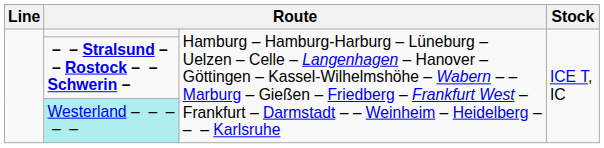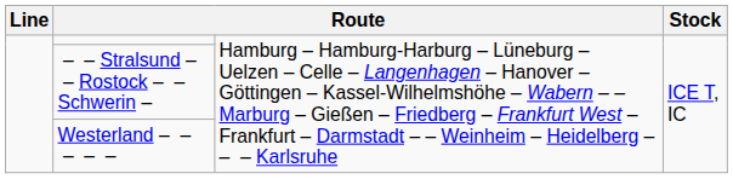 <table class="wikitable">
 <tr>
 <th>Line</th>
 <th colspan="2">Route</th>
 <th>Stock</th>
 </tr>
 <tr>
 <td rowspan="3"></td>
 <td></td>
 <td rowspan="3">Hamburg – Hamburg-Harburg – Lüneburg –  Uelzen – Celle – <em><a href='#'>Langenhagen</a></em> – Hanover – Göttingen – Kassel-Wilhelmshöhe – <em><a href='#'>Wabern</a></em> –  – <a href='#'>Marburg</a> – Gießen – <a href='#'>Friedberg</a> – <em><a href='#'>Frankfurt West</a></em> – Frankfurt – <a href='#'>Darmstadt</a> –  – <a href='#'>Weinheim</a> – <a href='#'>Heidelberg</a> –  –  – <a href='#'>Karlsruhe</a></td>
 <td rowspan="3"><a href='#'>ICE T</a>, IC</td>
 </tr>
 <tr>
-<td><strong> –  – <a href='#'>Stralsund</a> –  –  <a href='#'>Rostock</a> –  –  <a href='#'>Schwerin</a> –</strong></td>
+<td> –  – <a href='#'>Stralsund</a> –  –  <a href='#'>Rostock</a> –  –  <a href='#'>Schwerin</a> –</td>
 </tr>
 <tr>
-<td style="background: paleturquoise;"><a href='#'>Westerland</a> –  –  –  –  –</td>
+<td><a href='#'>Westerland</a> –  –  –  –  –</td>
 </tr>
 </table>
